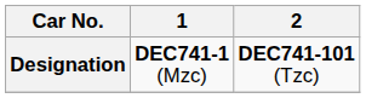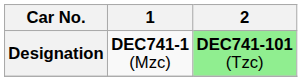 <table class="wikitable" style="text-align:center">
 <tr>
 <th>Car No.</th>
 <th>1</th>
 <th>2</th>
 </tr>
 <tr>
 <th>Designation</th>
 <td><strong>DEC741-1</strong><br>(Mzc)</td>
-<td><strong>DEC741-101</strong><br>(Tzc)</td>
+<td style="background: lightgreen;"><strong>DEC741-101</strong><br>(Tzc)</td>
 </tr>
 <tr>
 </tr>
 </table>
